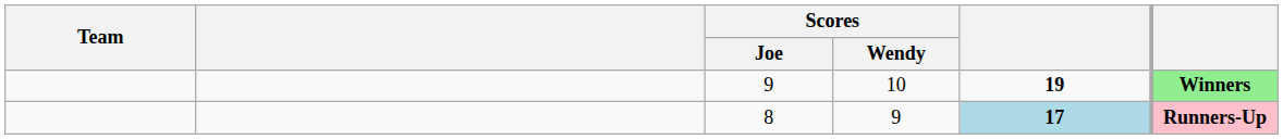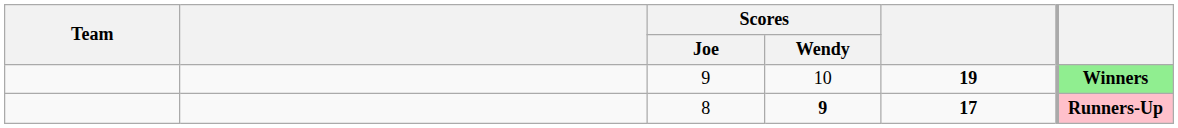 <table class="wikitable plainrowheaders" style="text-align:center; font-size:90%; width:65em;">
 <tr>
 <th rowspan="2">Team</th>
 <th rowspan="2" style="width:40%;"></th>
 <th colspan="2" style="width:30%;">Scores</th>
 <th rowspan="2" style="width:15%;"></th>
 <th rowspan="2" style="width:15%; border-left:3px solid #aaa;"></th>
 </tr>
 <tr>
 <th style="width:10%;">Joe</th>
 <th style="width:10%;">Wendy</th>
 </tr>
 <tr>
 <td style="width:15%;"></td>
 <td></td>
 <td>9</td>
 <td>10</td>
 <td><strong>19</strong></td>
 <td style="border-left:3px solid #aaa;" bgcolor="lightgreen"><strong>Winners</strong></td>
 </tr>
 <tr>
 <td style="width:15%;"></td>
 <td></td>
 <td>8</td>
-<td>9</td>
-<td style="background: lightblue;"><strong>17</strong></td>
+<td><strong>9</strong></td>
+<td><strong>17</strong></td>
 <td style="border-left:3px solid #aaa;" bgcolor="pink"><strong>Runners-Up</strong></td>
 </tr>
 </table>
